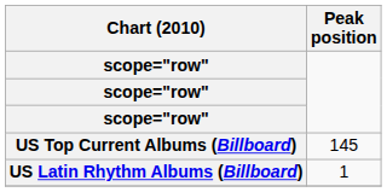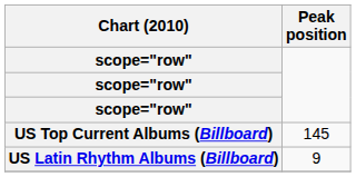 <table class="wikitable sortable plainrowheaders">
 <tr>
 <th>Chart (2010)</th>
 <th>Peak<br>position</th>
 </tr>
 <tr>
 <th>scope="row" </th>
 </tr>
 <tr>
 <th>scope="row" </th>
 </tr>
 <tr>
 <th>scope="row" </th>
 </tr>
 <tr>
 <th scope="row">US Top Current Albums (<em><a href='#'>Billboard</a></em>)</th>
 <td style="text-align:center;">145</td>
 </tr>
 <tr>
 <th scope="row">US <a href='#'>Latin Rhythm Albums</a> (<em><a href='#'>Billboard</a></em>)</th>
-<td style="text-align:center;">1</td>
+<td style="text-align:center;">9</td>
 </tr>
 <tr>
 </tr>
 </table>
